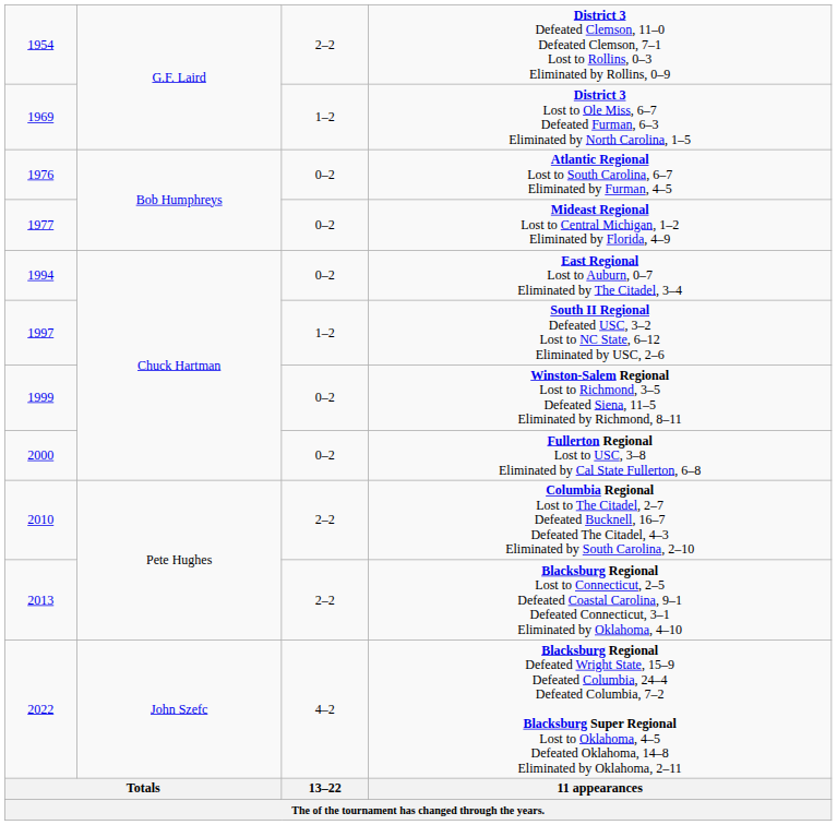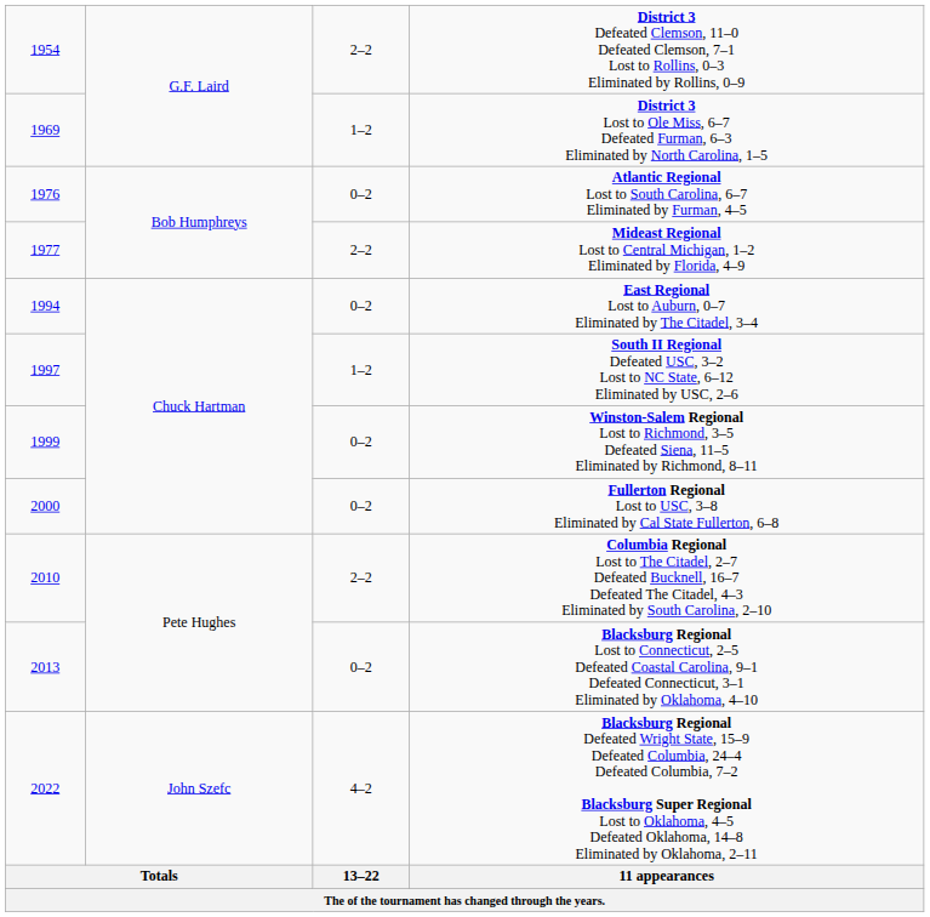 <table cellpadding="1" border="1" cellspacing="0" width="80%" class="wikitable">
 <tr align="center">
 <td><a href='#'>1954</a></td>
 <td rowspan=2><a href='#'>G.F. Laird</a></td>
 <td>2–2</td>
 <td><strong><a href='#'>District 3</a></strong><br>Defeated <a href='#'>Clemson</a>, 11–0<br>Defeated Clemson, 7–1<br>Lost to <a href='#'>Rollins</a>, 0–3<br>Eliminated by Rollins, 0–9</td>
 </tr>
 <tr align="center">
 <td><a href='#'>1969</a></td>
 <td>1–2</td>
 <td><strong><a href='#'>District 3</a></strong><br>Lost to <a href='#'>Ole Miss</a>, 6–7<br>Defeated <a href='#'>Furman</a>, 6–3<br>Eliminated by <a href='#'>North Carolina</a>, 1–5</td>
 </tr>
 <tr align="center">
 <td><a href='#'>1976</a></td>
 <td rowspan=2><a href='#'>Bob Humphreys</a></td>
 <td>0–2</td>
 <td><strong><a href='#'>Atlantic Regional</a></strong><br>Lost to <a href='#'>South Carolina</a>, 6–7<br>Eliminated by <a href='#'>Furman</a>, 4–5</td>
 </tr>
 <tr align="center">
 <td><a href='#'>1977</a></td>
-<td>0–2</td>
+<td>2–2</td>
 <td><strong><a href='#'>Mideast Regional</a></strong><br>Lost to <a href='#'>Central Michigan</a>, 1–2<br>Eliminated by <a href='#'>Florida</a>, 4–9</td>
 </tr>
 <tr align="center">
 <td><a href='#'>1994</a></td>
 <td rowspan=4><a href='#'>Chuck Hartman</a></td>
 <td>0–2</td>
 <td><strong><a href='#'>East Regional</a></strong><br>Lost to <a href='#'>Auburn</a>, 0–7<br>Eliminated by <a href='#'>The Citadel</a>, 3–4</td>
 </tr>
 <tr align="center">
 <td><a href='#'>1997</a></td>
 <td>1–2</td>
 <td><strong><a href='#'>South II Regional</a></strong><br>Defeated <a href='#'>USC</a>, 3–2<br>Lost to <a href='#'>NC State</a>, 6–12<br>Eliminated by USC, 2–6</td>
 </tr>
 <tr align="center">
 <td><a href='#'>1999</a></td>
 <td>0–2</td>
 <td><strong><a href='#'>Winston-Salem</a> Regional</strong><br>Lost to <a href='#'>Richmond</a>, 3–5<br>Defeated <a href='#'>Siena</a>, 11–5<br>Eliminated by Richmond, 8–11</td>
 </tr>
 <tr align="center">
 <td><a href='#'>2000</a></td>
 <td>0–2</td>
 <td><strong><a href='#'>Fullerton</a> Regional</strong><br>Lost to <a href='#'>USC</a>, 3–8<br>Eliminated by <a href='#'>Cal State Fullerton</a>, 6–8</td>
 </tr>
 <tr align="center">
 <td><a href='#'>2010</a></td>
 <td rowspan=2>Pete Hughes</td>
 <td>2–2</td>
 <td><strong><a href='#'>Columbia</a> Regional</strong><br>Lost to <a href='#'>The Citadel</a>, 2–7<br>Defeated <a href='#'>Bucknell</a>, 16–7<br>Defeated The Citadel, 4–3<br>Eliminated by <a href='#'>South Carolina</a>, 2–10</td>
 </tr>
 <tr align="center">
 <td><a href='#'>2013</a></td>
-<td>2–2</td>
+<td>0–2</td>
 <td><strong><a href='#'>Blacksburg</a> Regional</strong><br>Lost to <a href='#'>Connecticut</a>, 2–5<br>Defeated <a href='#'>Coastal Carolina</a>, 9–1<br>Defeated Connecticut, 3–1<br>Eliminated by <a href='#'>Oklahoma</a>, 4–10</td>
 </tr>
 <tr align="center">
 <td><a href='#'>2022</a></td>
 <td><a href='#'>John Szefc</a></td>
 <td>4–2</td>
 <td><strong><a href='#'>Blacksburg</a> Regional</strong><br>Defeated <a href='#'>Wright State</a>, 15–9<br>Defeated <a href='#'>Columbia</a>, 24–4<br>Defeated Columbia, 7–2<br><br><strong><a href='#'>Blacksburg</a> Super Regional</strong><br>Lost to <a href='#'>Oklahoma</a>, 4–5<br>Defeated Oklahoma, 14–8<br>Eliminated by Oklahoma, 2–11</td>
 </tr>
 <tr>
 <th colspan="2">Totals</th>
 <th>13–22</th>
 <th>11 appearances</th>
 </tr>
 <tr>
 <th colSpan="5" align="center"><small>The <a href='#'></a> of the tournament has changed through the years.</small></th>
 </tr>
 </table>
